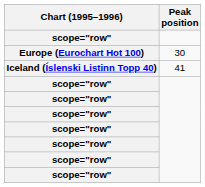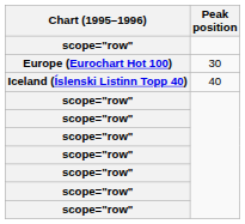 <table class="wikitable sortable plainrowheaders" style="text-align:center">
 <tr>
 <th>Chart (1995–1996)</th>
 <th>Peak<br>position</th>
 </tr>
 <tr>
 <th>scope="row"</th>
 </tr>
 <tr>
 <th scope="row">Europe (<a href='#'>Eurochart Hot 100</a>)</th>
 <td>30</td>
 </tr>
 <tr>
 <th scope="row">Iceland (<a href='#'>Íslenski Listinn Topp 40</a>)</th>
-<td>41</td>
+<td>40</td>
 </tr>
 <tr>
 <th>scope="row"</th>
 </tr>
 <tr>
 <th>scope="row"</th>
 </tr>
 <tr>
 <th>scope="row"</th>
 </tr>
 <tr>
 <th>scope="row"</th>
 </tr>
 <tr>
 <th>scope="row"</th>
 </tr>
 <tr>
 <th>scope="row"</th>
 </tr>
 <tr>
 <th>scope="row"</th>
 </tr>
 </table>
